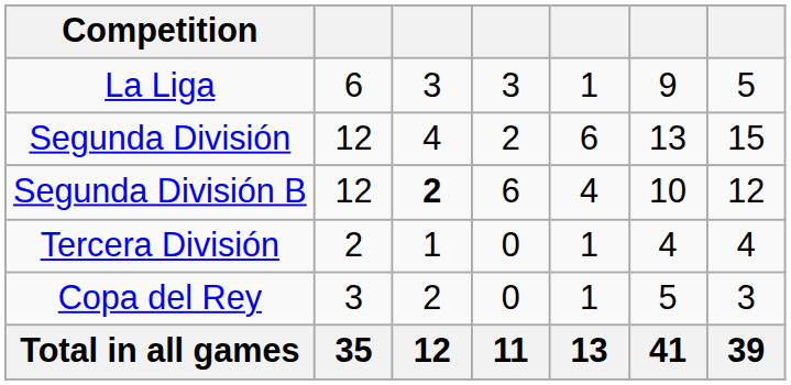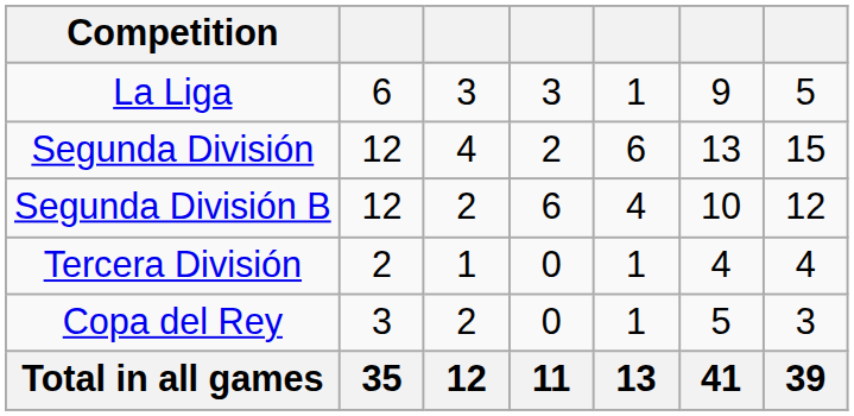 <table class="wikitable" style="text-align:center">
 <tr>
 <th>Competition</th>
 <th width=30></th>
 <th width=30></th>
 <th width=30></th>
 <th width=30></th>
 <th width=30></th>
 <th width=30></th>
 </tr>
 <tr>
 <td><a href='#'>La Liga</a></td>
 <td>6</td>
 <td>3</td>
 <td>3</td>
 <td>1</td>
 <td>9</td>
 <td>5</td>
 </tr>
 <tr>
 <td><a href='#'>Segunda División</a></td>
 <td>12</td>
 <td>4</td>
 <td>2</td>
 <td>6</td>
 <td>13</td>
 <td>15</td>
 </tr>
 <tr>
 <td><a href='#'>Segunda División B</a></td>
 <td>12</td>
-<td><strong>2</strong></td>
+<td>2</td>
 <td>6</td>
 <td>4</td>
 <td>10</td>
 <td>12</td>
 </tr>
 <tr>
 <td><a href='#'>Tercera División</a></td>
 <td>2</td>
 <td>1</td>
 <td>0</td>
 <td>1</td>
 <td>4</td>
 <td>4</td>
 </tr>
 <tr>
 <td><a href='#'>Copa del Rey</a></td>
 <td>3</td>
 <td>2</td>
 <td>0</td>
 <td>1</td>
 <td>5</td>
 <td>3</td>
 </tr>
 <tr>
 <th>Total in all games</th>
 <th>35</th>
 <th>12</th>
 <th>11</th>
 <th>13</th>
 <th>41</th>
 <th>39</th>
 </tr>
 </table>
